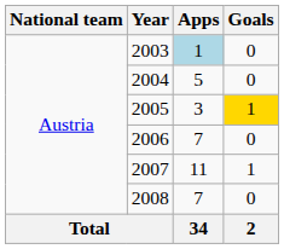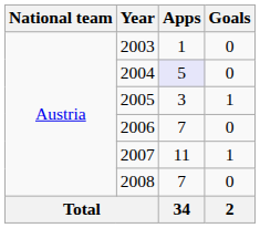 <table class="wikitable" style="text-align:center">
 <tr>
 <th>National team</th>
 <th>Year</th>
 <th>Apps</th>
 <th>Goals</th>
 </tr>
 <tr>
 <td rowspan="6"><a href='#'>Austria</a></td>
 <td>2003</td>
-<td style="background: lightblue;">1</td>
+<td>1</td>
 <td>0</td>
 </tr>
 <tr>
 <td>2004</td>
-<td>5</td>
+<td style="background: lavender;">5</td>
 <td>0</td>
 </tr>
 <tr>
 <td>2005</td>
 <td>3</td>
-<td style="background: gold;">1</td>
+<td>1</td>
 </tr>
 <tr>
 <td>2006</td>
 <td>7</td>
 <td>0</td>
 </tr>
 <tr>
 <td>2007</td>
 <td>11</td>
 <td>1</td>
 </tr>
 <tr>
 <td>2008</td>
 <td>7</td>
 <td>0</td>
 </tr>
 <tr>
 <th colspan="2">Total</th>
 <th>34</th>
 <th>2</th>
 </tr>
 </table>
